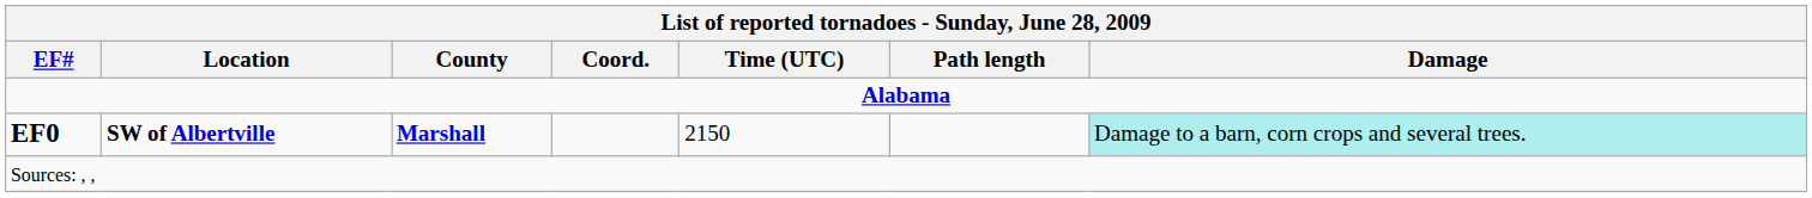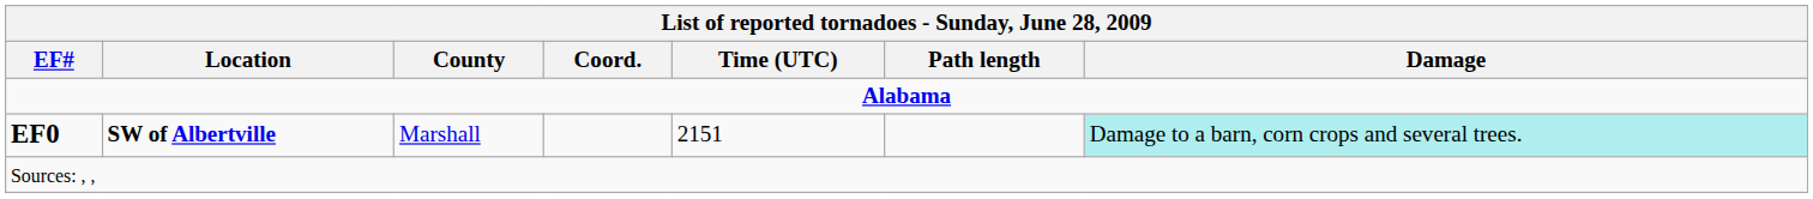 <table class="wikitable collapsible" width="100%">
 <tr>
 <th colspan="7">List of reported tornadoes - Sunday, June 28, 2009</th>
 </tr>
 <tr>
 <th><a href='#'>EF#</a></th>
 <th>Location</th>
 <th>County</th>
 <th>Coord.</th>
 <th>Time (UTC)</th>
 <th>Path length</th>
 <th>Damage</th>
 </tr>
 <tr>
 <td colspan="7" align=center><strong><a href='#'>Alabama</a></strong></td>
 </tr>
 <tr>
 <td><big><strong>EF0</strong></big></td>
 <td><strong>SW of <a href='#'>Albertville</a></strong></td>
-<td><strong><a href='#'>Marshall</a></strong></td>
+<td><a href='#'>Marshall</a></td>
 <td></td>
-<td>2150</td>
+<td>2151</td>
 <td></td>
 <td style="background: paleturquoise;">Damage to a barn, corn crops and several trees.</td>
 </tr>
 <tr>
 <td colspan="7"><small>Sources: , , </small></td>
 </tr>
 </table>
